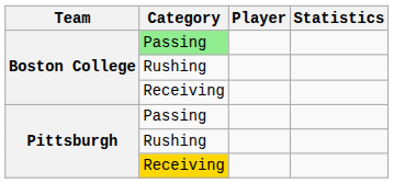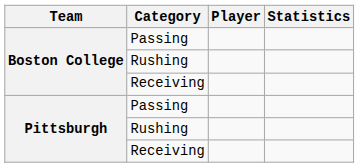 <table class="wikitable" style="float:right">
 <tr>
 <th>Team</th>
 <th>Category</th>
 <th>Player</th>
 <th>Statistics</th>
 </tr>
 <tr>
 <th rowspan=3>Boston College</th>
-<td style="background: lightgreen;">Passing</td>
+<td>Passing</td>
 <td></td>
 <td></td>
 </tr>
 <tr>
 <td>Rushing</td>
 <td></td>
 <td></td>
 </tr>
 <tr>
 <td>Receiving</td>
 <td></td>
 <td></td>
 </tr>
 <tr>
 <th rowspan=3>Pittsburgh</th>
 <td>Passing</td>
 <td></td>
 <td></td>
 </tr>
 <tr>
 <td>Rushing</td>
 <td></td>
 <td></td>
 </tr>
 <tr>
-<td style="background: gold;">Receiving</td>
+<td>Receiving</td>
 <td></td>
 <td></td>
 </tr>
 </table>
